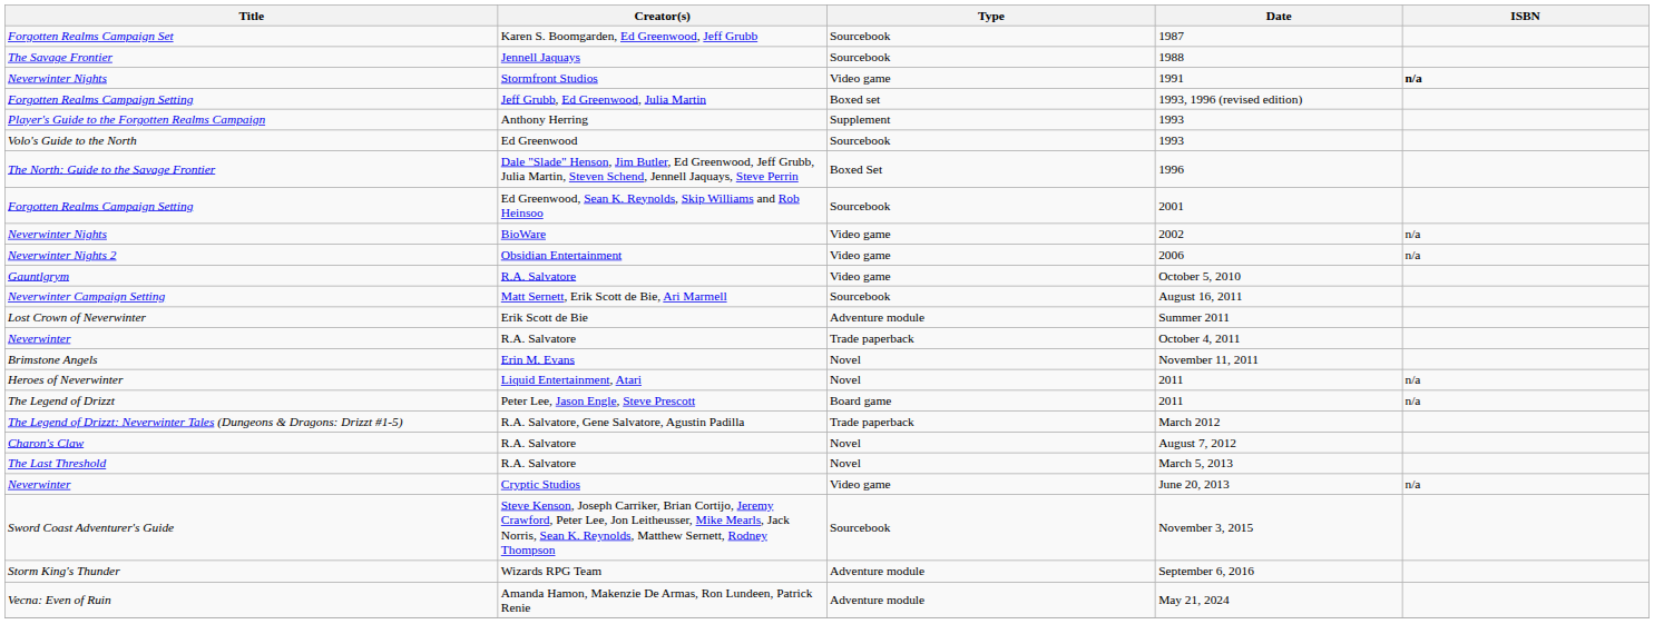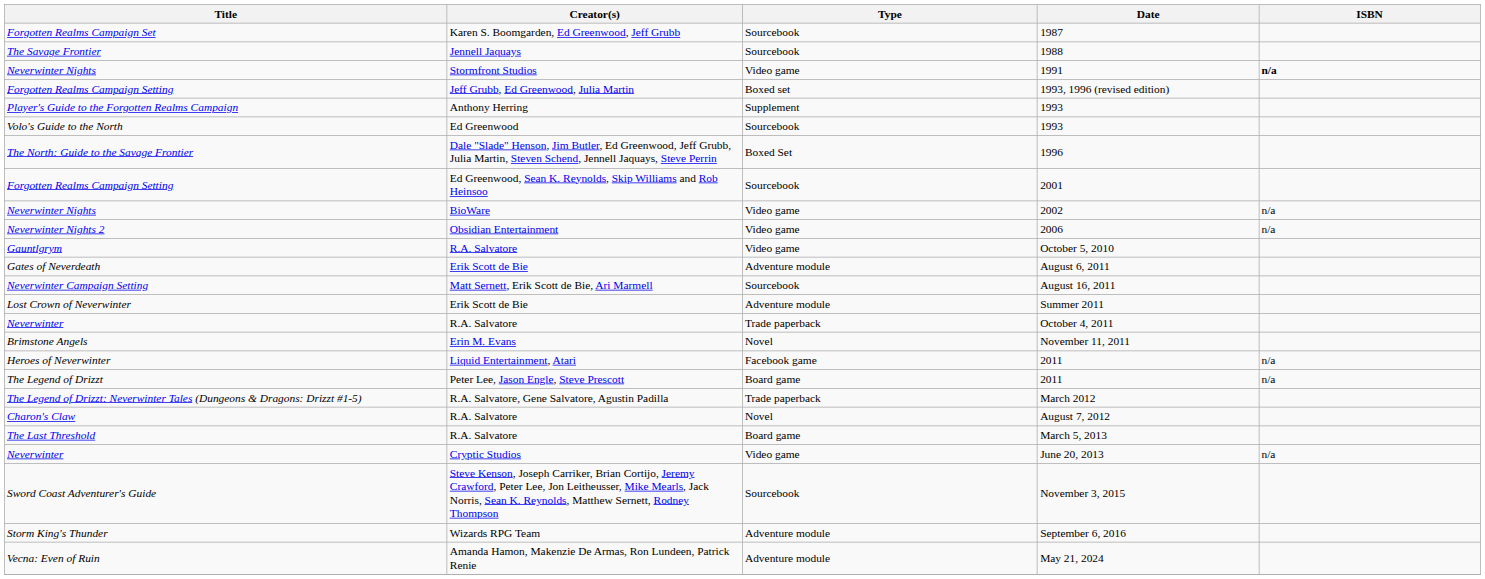 <table class="wikitable sortable" style="margins:auto; width=95%; font-size: 95%;">
 <tr>
 <th width="30%">Title</th>
 <th width="20%">Creator(s)</th>
 <th width="20%">Type</th>
 <th width="15%">Date</th>
 <th width="15%">ISBN</th>
 </tr>
 <tr>
 <td><em><a href='#'>Forgotten Realms Campaign Set</a></em></td>
 <td>Karen S. Boomgarden, <a href='#'>Ed Greenwood</a>, <a href='#'>Jeff Grubb</a></td>
 <td>Sourcebook</td>
 <td>1987</td>
 <td></td>
 </tr>
 <tr>
 <td><em><a href='#'>The Savage Frontier</a></em></td>
 <td><a href='#'>Jennell Jaquays</a></td>
 <td>Sourcebook</td>
 <td>1988</td>
 <td></td>
 </tr>
 <tr>
 <td><em><a href='#'>Neverwinter Nights</a></em></td>
 <td><a href='#'>Stormfront Studios</a></td>
 <td>Video game</td>
 <td>1991</td>
 <td><strong>n/a</strong></td>
 </tr>
 <tr>
 <td><em><a href='#'>Forgotten Realms Campaign Setting</a></em></td>
 <td><a href='#'>Jeff Grubb</a>, <a href='#'>Ed Greenwood</a>, <a href='#'>Julia Martin</a></td>
 <td>Boxed set</td>
 <td>1993, 1996 (revised edition)</td>
 <td></td>
 </tr>
 <tr>
 <td><em><a href='#'>Player's Guide to the Forgotten Realms Campaign</a></em></td>
 <td>Anthony Herring</td>
 <td>Supplement</td>
 <td>1993</td>
 <td></td>
 </tr>
 <tr>
 <td><em>Volo's Guide to the North</em></td>
 <td>Ed Greenwood</td>
 <td>Sourcebook</td>
 <td>1993</td>
 <td></td>
 </tr>
 <tr>
 <td><em><a href='#'>The North: Guide to the Savage Frontier</a></em></td>
 <td><a href='#'>Dale "Slade" Henson</a>, <a href='#'>Jim Butler</a>, Ed Greenwood, Jeff Grubb, Julia Martin, <a href='#'>Steven Schend</a>, Jennell Jaquays, <a href='#'>Steve Perrin</a></td>
 <td>Boxed Set</td>
 <td>1996</td>
 <td></td>
 </tr>
 <tr>
 <td><em><a href='#'>Forgotten Realms Campaign Setting</a></em></td>
 <td>Ed Greenwood, <a href='#'>Sean K. Reynolds</a>, <a href='#'>Skip Williams</a> and <a href='#'>Rob Heinsoo</a></td>
 <td>Sourcebook</td>
 <td>2001</td>
 <td></td>
 </tr>
 <tr>
 <td><em><a href='#'>Neverwinter Nights</a></em></td>
 <td><a href='#'>BioWare</a></td>
 <td>Video game</td>
 <td>2002</td>
 <td>n/a</td>
 </tr>
 <tr>
 <td><em><a href='#'>Neverwinter Nights 2</a></em></td>
 <td><a href='#'>Obsidian Entertainment</a></td>
 <td>Video game</td>
 <td>2006</td>
 <td>n/a</td>
 </tr>
 <tr>
 <td><em><a href='#'>Gauntlgrym</a></em></td>
 <td><a href='#'>R.A. Salvatore</a></td>
 <td>Video game</td>
 <td>October 5, 2010</td>
 <td></td>
 </tr>
 <tr>
+<td><em>Gates of Neverdeath</em></td>
+<td><a href='#'>Erik Scott de Bie</a></td>
+<td>Adventure module</td>
+<td>August 6, 2011</td>
+<td></td>
+</tr>
+<tr>
 <td><em><a href='#'>Neverwinter Campaign Setting</a></em></td>
 <td><a href='#'>Matt Sernett</a>, Erik Scott de Bie, <a href='#'>Ari Marmell</a></td>
 <td>Sourcebook</td>
 <td>August 16, 2011</td>
 <td></td>
 </tr>
 <tr>
 <td><em>Lost Crown of Neverwinter</em></td>
 <td>Erik Scott de Bie</td>
 <td>Adventure module</td>
 <td>Summer 2011</td>
 <td></td>
 </tr>
 <tr>
 <td><em><a href='#'>Neverwinter</a></em></td>
 <td>R.A. Salvatore</td>
 <td>Trade paperback</td>
 <td>October 4, 2011</td>
 <td></td>
 </tr>
 <tr>
 <td><em>Brimstone Angels</em></td>
 <td><a href='#'>Erin M. Evans</a></td>
 <td>Novel</td>
 <td>November 11, 2011</td>
 <td></td>
 </tr>
 <tr>
 <td><em>Heroes of Neverwinter</em></td>
 <td><a href='#'>Liquid Entertainment</a>, <a href='#'>Atari</a></td>
-<td>Novel</td>
+<td>Facebook game</td>
 <td>2011</td>
 <td>n/a</td>
 </tr>
 <tr>
 <td><em>The Legend of Drizzt</em></td>
 <td>Peter Lee, <a href='#'>Jason Engle</a>, <a href='#'>Steve Prescott</a></td>
 <td>Board game</td>
 <td>2011</td>
 <td>n/a</td>
 </tr>
 <tr>
 <td><em><a href='#'>The Legend of Drizzt: Neverwinter Tales</a> (Dungeons & Dragons: Drizzt #1-5)</em></td>
 <td>R.A. Salvatore, Gene Salvatore, Agustin Padilla</td>
 <td>Trade paperback</td>
 <td>March 2012</td>
 <td></td>
 </tr>
 <tr>
 <td><em><a href='#'>Charon's Claw</a></em></td>
 <td>R.A. Salvatore</td>
 <td>Novel</td>
 <td>August 7, 2012</td>
 <td></td>
 </tr>
 <tr>
 <td><em><a href='#'>The Last Threshold</a></em></td>
 <td>R.A. Salvatore</td>
-<td>Novel</td>
+<td>Board game</td>
 <td>March 5, 2013</td>
 <td></td>
 </tr>
 <tr>
 <td><em><a href='#'>Neverwinter</a></em></td>
 <td><a href='#'>Cryptic Studios</a></td>
 <td>Video game</td>
 <td>June 20, 2013</td>
 <td>n/a</td>
 </tr>
 <tr>
 <td><em>Sword Coast Adventurer's Guide</em></td>
 <td><a href='#'>Steve Kenson</a>, Joseph Carriker, Brian Cortijo, <a href='#'>Jeremy Crawford</a>, Peter Lee, Jon Leitheusser, <a href='#'>Mike Mearls</a>, Jack Norris, <a href='#'>Sean K. Reynolds</a>, Matthew Sernett, <a href='#'>Rodney Thompson</a></td>
 <td>Sourcebook</td>
 <td>November 3, 2015</td>
 <td></td>
 </tr>
 <tr>
 <td><em>Storm King's Thunder</em></td>
 <td>Wizards RPG Team</td>
 <td>Adventure module</td>
 <td>September 6, 2016</td>
 <td></td>
 </tr>
 <tr>
 <td><em>Vecna: Even of Ruin</em></td>
 <td>Amanda Hamon, Makenzie De Armas, Ron Lundeen, Patrick Renie</td>
 <td>Adventure module</td>
 <td>May 21, 2024</td>
 <td></td>
 </tr>
 <tr>
 </tr>
 </table>
